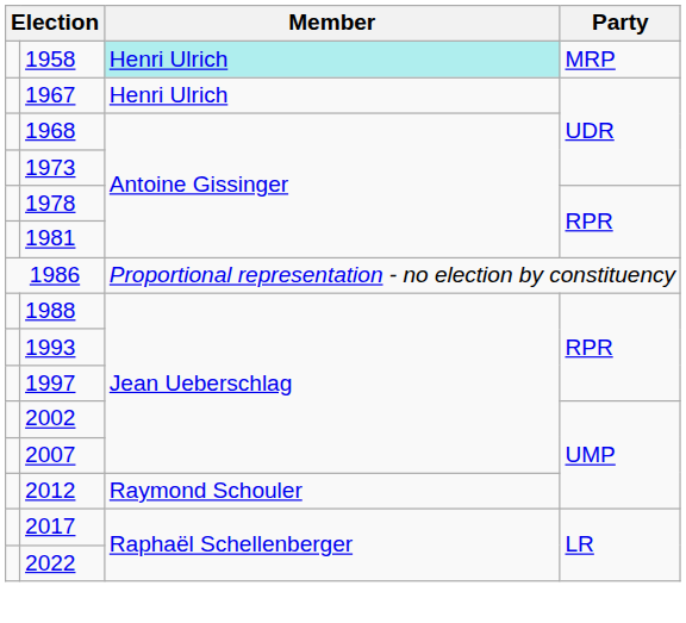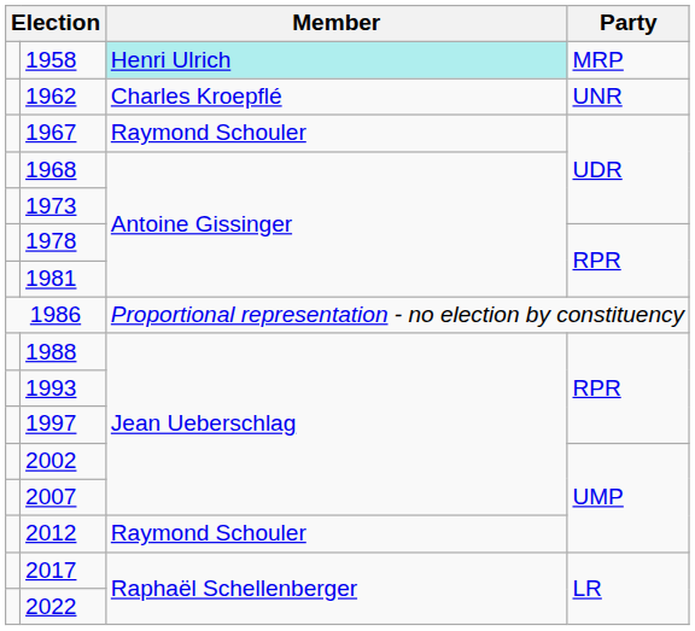 <table class="wikitable">
 <tr>
 <th colspan="2">Election</th>
 <th>Member</th>
 <th>Party</th>
 </tr>
 <tr>
 <td style="background-color: "></td>
 <td><a href='#'>1958</a></td>
 <td style="background: paleturquoise;"><a href='#'>Henri Ulrich</a></td>
 <td><a href='#'>MRP</a></td>
 </tr>
 <tr>
 <td style="background-color: "></td>
+<td><a href='#'>1962</a></td>
+<td><a href='#'>Charles Kroepflé</a></td>
+<td><a href='#'>UNR</a></td>
+</tr>
+<tr>
+<td style="background-color: "></td>
 <td><a href='#'>1967</a></td>
-<td><a href='#'>Henri Ulrich</a></td>
+<td><a href='#'>Raymond Schouler</a></td>
 <td rowspan="3"><a href='#'>UDR</a></td>
 </tr>
 <tr>
 <td style="background-color: "></td>
 <td><a href='#'>1968</a></td>
 <td rowspan="4"><a href='#'>Antoine Gissinger</a></td>
 </tr>
 <tr>
 <td style="background-color: "></td>
 <td><a href='#'>1973</a></td>
 </tr>
 <tr>
 <td style="background-color: "></td>
 <td><a href='#'>1978</a></td>
 <td rowspan="2"><a href='#'>RPR</a></td>
 </tr>
 <tr>
 <td style="background-color: "></td>
 <td><a href='#'>1981</a></td>
 </tr>
 <tr>
 <td colspan="2" align="center"><a href='#'>1986</a></td>
 <td colspan="2"><em><a href='#'>Proportional representation</a> - no election by constituency</em></td>
 </tr>
 <tr>
 <td style="background-color: "></td>
 <td><a href='#'>1988</a></td>
 <td rowspan="5"><a href='#'>Jean Ueberschlag</a></td>
 <td rowspan="3"><a href='#'>RPR</a></td>
 </tr>
 <tr>
 <td style="background-color: "></td>
 <td><a href='#'>1993</a></td>
 </tr>
 <tr>
 <td style="background-color: "></td>
 <td><a href='#'>1997</a></td>
 </tr>
 <tr>
 <td style="background-color: "></td>
 <td><a href='#'>2002</a></td>
 <td rowspan="3"><a href='#'>UMP</a></td>
 </tr>
 <tr>
 <td style="background-color: "></td>
 <td><a href='#'>2007</a></td>
 </tr>
 <tr>
 <td style="background-color: "></td>
 <td><a href='#'>2012</a></td>
 <td><a href='#'>Raymond Schouler</a></td>
 </tr>
 <tr>
 <td style="background-color: "></td>
 <td><a href='#'>2017</a></td>
 <td rowspan="2"><a href='#'>Raphaël Schellenberger</a></td>
 <td rowspan="2"><a href='#'>LR</a></td>
 </tr>
 <tr>
 <td style="background-color: "></td>
 <td><a href='#'>2022</a></td>
 </tr>
 </table>
